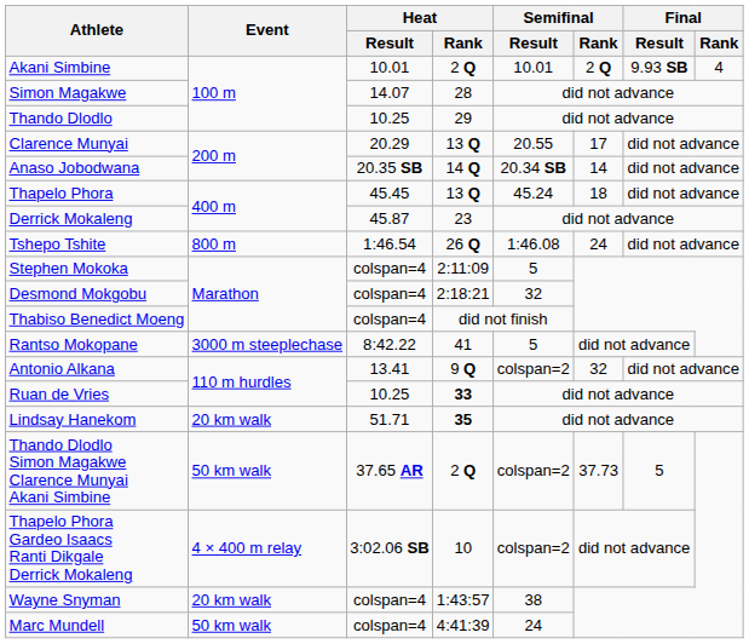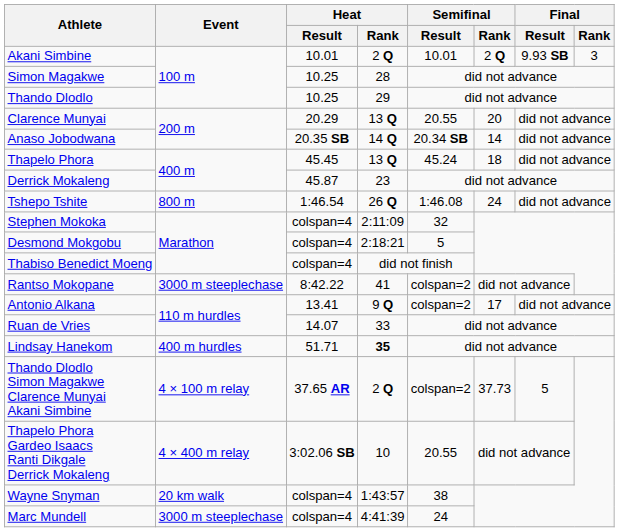 <table class="wikitable"  style=font-size:90%>
 <tr>
 <th rowspan="2">Athlete</th>
 <th rowspan="2">Event</th>
 <th colspan="2">Heat</th>
 <th colspan="2">Semifinal</th>
 <th colspan="2">Final</th>
 </tr>
 <tr>
 <th>Result</th>
 <th>Rank</th>
 <th>Result</th>
 <th>Rank</th>
 <th>Result</th>
 <th>Rank</th>
 </tr>
 <tr style=text-align:center>
 <td style=text-align:left><a href='#'>Akani Simbine</a></td>
 <td style=text-align:left rowspan=3><a href='#'>100 m</a></td>
 <td>10.01</td>
 <td>2 <strong>Q</strong></td>
 <td>10.01</td>
 <td>2 <strong>Q</strong></td>
 <td>9.93 <strong>SB</strong></td>
-<td>4</td>
+<td>3</td>
 </tr>
 <tr style=text-align:center>
 <td style=text-align:left><a href='#'>Simon Magakwe</a></td>
-<td>14.07</td>
+<td>10.25</td>
 <td>28</td>
 <td colspan=4>did not advance</td>
 </tr>
 <tr style=text-align:center>
 <td style=text-align:left><a href='#'>Thando Dlodlo</a></td>
 <td>10.25</td>
 <td>29</td>
 <td colspan=4>did not advance</td>
 </tr>
 <tr style=text-align:center>
 <td style=text-align:left><a href='#'>Clarence Munyai</a></td>
 <td style=text-align:left rowspan=2><a href='#'>200 m</a></td>
 <td>20.29</td>
 <td>13 <strong>Q</strong></td>
 <td>20.55</td>
-<td>17</td>
+<td>20</td>
 <td colspan=2>did not advance</td>
 </tr>
 <tr style=text-align:center>
 <td style=text-align:left><a href='#'>Anaso Jobodwana</a></td>
 <td>20.35 <strong>SB</strong></td>
 <td>14 <strong>Q</strong></td>
 <td>20.34 <strong>SB</strong></td>
 <td>14</td>
 <td colspan=2>did not advance</td>
 </tr>
 <tr style=text-align:center>
 <td style=text-align:left><a href='#'>Thapelo Phora</a></td>
 <td style=text-align:left rowspan=2><a href='#'>400 m</a></td>
 <td>45.45</td>
 <td>13 <strong>Q</strong></td>
 <td>45.24</td>
 <td>18</td>
 <td colspan=2>did not advance</td>
 </tr>
 <tr style=text-align:center>
 <td style=text-align:left><a href='#'>Derrick Mokaleng</a></td>
 <td>45.87</td>
 <td>23</td>
 <td colspan=4>did not advance</td>
 </tr>
 <tr style=text-align:center>
 <td style=text-align:left><a href='#'>Tshepo Tshite</a></td>
 <td style=text-align:left><a href='#'>800 m</a></td>
 <td>1:46.54</td>
 <td>26 <strong>Q</strong></td>
 <td>1:46.08</td>
 <td>24</td>
 <td colspan=2>did not advance</td>
 </tr>
 <tr style=text-align:center>
 <td style=text-align:left><a href='#'>Stephen Mokoka</a></td>
 <td style=text-align:left rowspan=3><a href='#'>Marathon</a></td>
 <td>colspan=4</td>
 <td>2:11:09</td>
-<td>5</td>
+<td>32</td>
 </tr>
 <tr style=text-align:center>
 <td style=text-align:left><a href='#'>Desmond Mokgobu</a></td>
 <td>colspan=4</td>
 <td>2:18:21</td>
-<td>32</td>
+<td>5</td>
 </tr>
 <tr style=text-align:center>
 <td style=text-align:left><a href='#'>Thabiso Benedict Moeng</a></td>
 <td>colspan=4</td>
 <td colspan=2>did not finish</td>
 </tr>
 <tr style=text-align:center>
 <td style=text-align:left><a href='#'>Rantso Mokopane</a></td>
 <td style=text-align:left><a href='#'>3000 m steeplechase</a></td>
 <td>8:42.22</td>
 <td>41</td>
-<td>5</td>
+<td>colspan=2</td>
 <td colspan=2>did not advance</td>
 </tr>
 <tr style=text-align:center>
 <td style=text-align:left><a href='#'>Antonio Alkana</a></td>
 <td style=text-align:left rowspan=2><a href='#'>110 m hurdles</a></td>
 <td>13.41</td>
 <td>9 <strong>Q</strong></td>
 <td>colspan=2</td>
-<td>32</td>
+<td>17</td>
 <td colspan=2>did not advance</td>
 </tr>
 <tr style=text-align:center>
 <td style=text-align:left><a href='#'>Ruan de Vries</a></td>
-<td>10.25</td>
-<td><strong>33</strong></td>
+<td>14.07</td>
+<td>33</td>
 <td colspan=4>did not advance</td>
 </tr>
 <tr style=text-align:center>
 <td style=text-align:left><a href='#'>Lindsay Hanekom</a></td>
-<td style=text-align:left><a href='#'>20 km walk</a></td>
+<td style=text-align:left><a href='#'>400 m hurdles</a></td>
 <td>51.71</td>
 <td><strong>35</strong></td>
 <td colspan=4>did not advance</td>
 </tr>
 <tr style=text-align:center>
 <td style=text-align:left><a href='#'>Thando Dlodlo</a><br> <a href='#'>Simon Magakwe</a><br> <a href='#'>Clarence Munyai</a><br> <a href='#'>Akani Simbine</a></td>
-<td style=text-align:left><a href='#'>50 km walk</a></td>
+<td style=text-align:left><a href='#'>4 × 100 m relay</a></td>
 <td>37.65 <strong><a href='#'>AR</a></strong></td>
 <td>2 <strong>Q</strong></td>
 <td>colspan=2</td>
 <td>37.73</td>
 <td>5</td>
 </tr>
 <tr style=text-align:center>
 <td style=text-align:left><a href='#'>Thapelo Phora</a><br> <a href='#'>Gardeo Isaacs</a><br> <a href='#'>Ranti Dikgale</a><br> <a href='#'>Derrick Mokaleng</a></td>
 <td style=text-align:left><a href='#'>4 × 400 m relay</a></td>
 <td>3:02.06 <strong>SB</strong></td>
 <td>10</td>
-<td>colspan=2</td>
+<td>20.55</td>
 <td colspan=2>did not advance</td>
 </tr>
 <tr style=text-align:center>
 <td style=text-align:left><a href='#'>Wayne Snyman</a></td>
 <td style=text-align:left><a href='#'>20 km walk</a></td>
 <td>colspan=4</td>
 <td>1:43:57</td>
 <td>38</td>
 </tr>
 <tr style=text-align:center>
 <td style=text-align:left><a href='#'>Marc Mundell</a></td>
-<td style=text-align:left><a href='#'>50 km walk</a></td>
+<td style=text-align:left><a href='#'>3000 m steeplechase</a></td>
 <td>colspan=4</td>
 <td>4:41:39</td>
 <td>24</td>
 </tr>
 </table>
